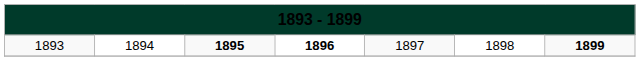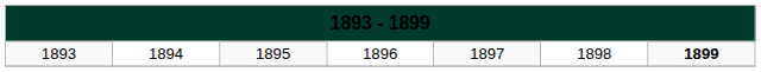 <table class="wikitable" border"1" width="770">
 <tr>
 <td style= "text-align:center; height: 30px;" colspan="7" bgcolor=003A2A><span><big><strong>1893 - 1899</strong></big></span></td>
 </tr>
 <tr>
 <td style="text-align:center;" width="14.285714285714285714285714285714%">1893</td>
 <td style="text-align:center;" width="14.285714285714285714285714285714%" bgcolor= white>1894</td>
-<td style="text-align:center;" width="14.285714285714285714285714285714%"><strong>1895</strong></td>
-<td style="text-align:center;" width="14.285714285714285714285714285714%" bgcolor= white><strong>1896</strong></td>
+<td style="text-align:center;" width="14.285714285714285714285714285714%">1895</td>
+<td style="text-align:center;" width="14.285714285714285714285714285714%" bgcolor= white>1896</td>
 <td style="text-align:center;" width="14.285714285714285714285714285714%">1897</td>
 <td style="text-align:center;" width="14.285714285714285714285714285714%" bgcolor= white>1898</td>
 <td style="text-align:center;" width="14.285714285714285714285714285714%"><strong>1899</strong></td>
 </tr>
 <tr>
 </tr>
 </table>
